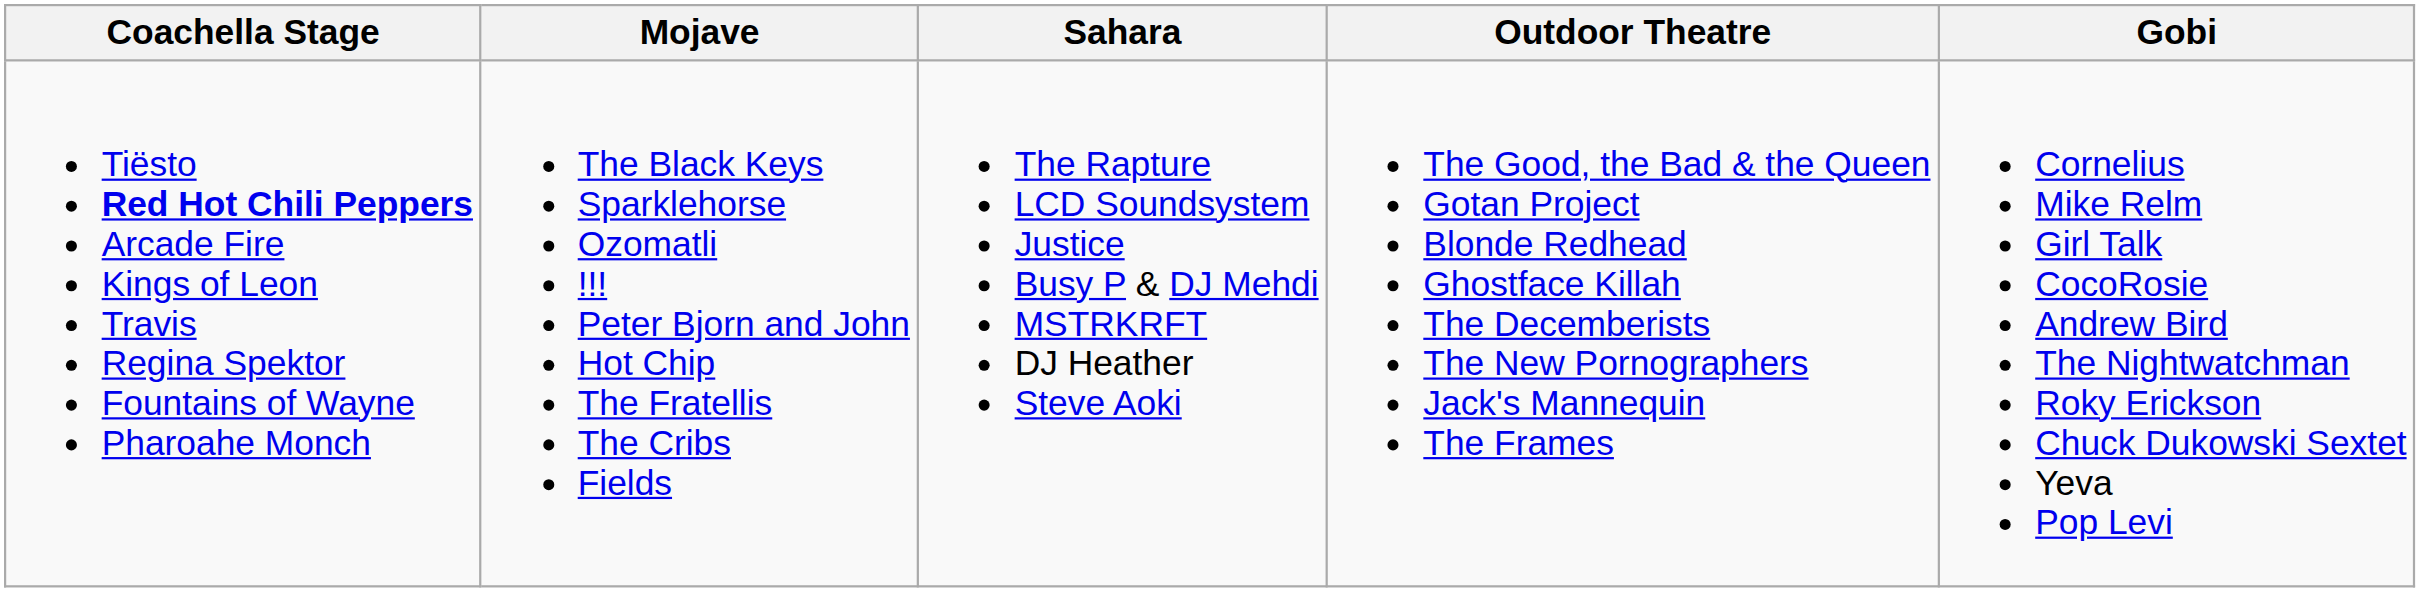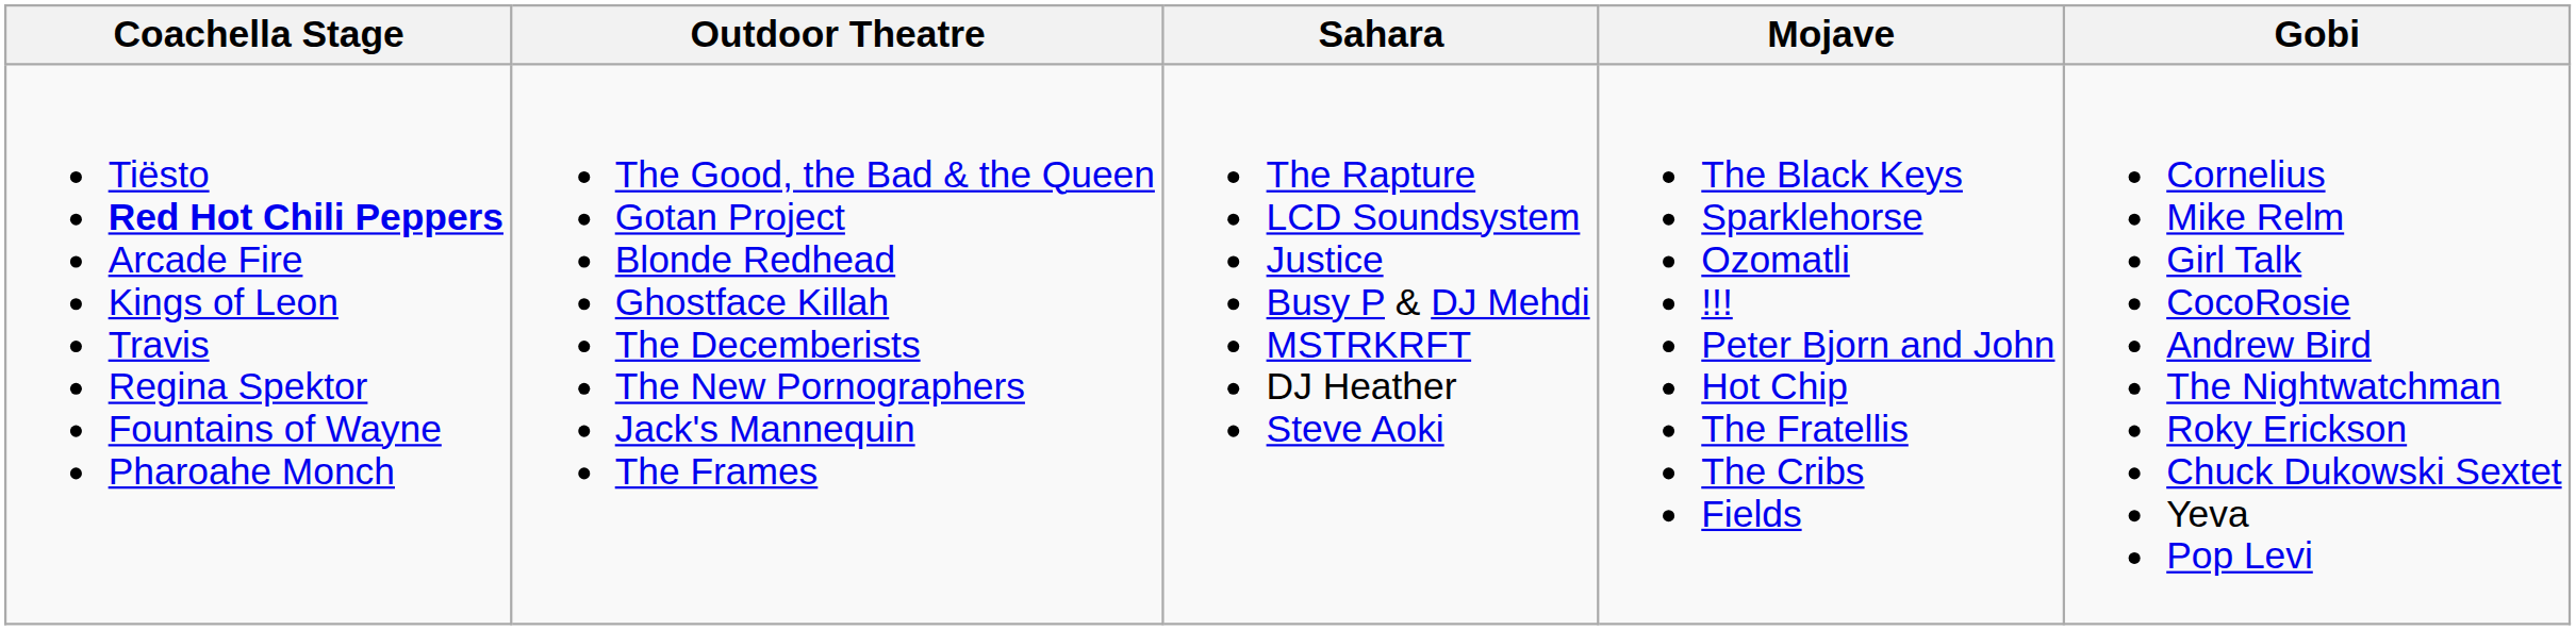 <table class="wikitable">
 <tr>
 <th>Coachella Stage</th>
+<th>Outdoor Theatre</th>
+<th>Sahara</th>
 <th>Mojave</th>
-<th>Sahara</th>
-<th>Outdoor Theatre</th>
 <th>Gobi</th>
 </tr>
 <tr valign="top">
 <td><br><ul><li><a href='#'>Tiësto</a></li><li><strong><a href='#'>Red Hot Chili Peppers</a></strong></li><li><a href='#'>Arcade Fire</a></li><li><a href='#'>Kings of Leon</a></li><li><a href='#'>Travis</a></li><li><a href='#'>Regina Spektor</a></li><li><a href='#'>Fountains of Wayne</a></li><li><a href='#'>Pharoahe Monch</a></li></ul></td>
+<td><br><ul><li><a href='#'>The Good, the Bad & the Queen</a></li><li><a href='#'>Gotan Project</a></li><li><a href='#'>Blonde Redhead</a></li><li><a href='#'>Ghostface Killah</a></li><li><a href='#'>The Decemberists</a></li><li><a href='#'>The New Pornographers</a></li><li><a href='#'>Jack's Mannequin</a></li><li><a href='#'>The Frames</a></li></ul></td>
+<td><br><ul><li><a href='#'>The Rapture</a></li><li><a href='#'>LCD Soundsystem</a></li><li><a href='#'>Justice</a></li><li><a href='#'>Busy P</a> & <a href='#'>DJ Mehdi</a></li><li><a href='#'>MSTRKRFT</a></li><li>DJ Heather</li><li><a href='#'>Steve Aoki</a></li></ul></td>
 <td><br><ul><li><a href='#'>The Black Keys</a></li><li><a href='#'>Sparklehorse</a></li><li><a href='#'>Ozomatli</a></li><li><a href='#'>!!!</a></li><li><a href='#'>Peter Bjorn and John</a></li><li><a href='#'>Hot Chip</a></li><li><a href='#'>The Fratellis</a></li><li><a href='#'>The Cribs</a></li><li><a href='#'>Fields</a></li></ul></td>
-<td><br><ul><li><a href='#'>The Rapture</a></li><li><a href='#'>LCD Soundsystem</a></li><li><a href='#'>Justice</a></li><li><a href='#'>Busy P</a> & <a href='#'>DJ Mehdi</a></li><li><a href='#'>MSTRKRFT</a></li><li>DJ Heather</li><li><a href='#'>Steve Aoki</a></li></ul></td>
-<td><br><ul><li><a href='#'>The Good, the Bad & the Queen</a></li><li><a href='#'>Gotan Project</a></li><li><a href='#'>Blonde Redhead</a></li><li><a href='#'>Ghostface Killah</a></li><li><a href='#'>The Decemberists</a></li><li><a href='#'>The New Pornographers</a></li><li><a href='#'>Jack's Mannequin</a></li><li><a href='#'>The Frames</a></li></ul></td>
 <td><br><ul><li><a href='#'>Cornelius</a></li><li><a href='#'>Mike Relm</a></li><li><a href='#'>Girl Talk</a></li><li><a href='#'>CocoRosie</a></li><li><a href='#'>Andrew Bird</a></li><li><a href='#'>The Nightwatchman</a></li><li><a href='#'>Roky Erickson</a></li><li><a href='#'>Chuck Dukowski Sextet</a></li><li>Yeva</li><li><a href='#'>Pop Levi</a></li></ul></td>
 </tr>
 </table>
